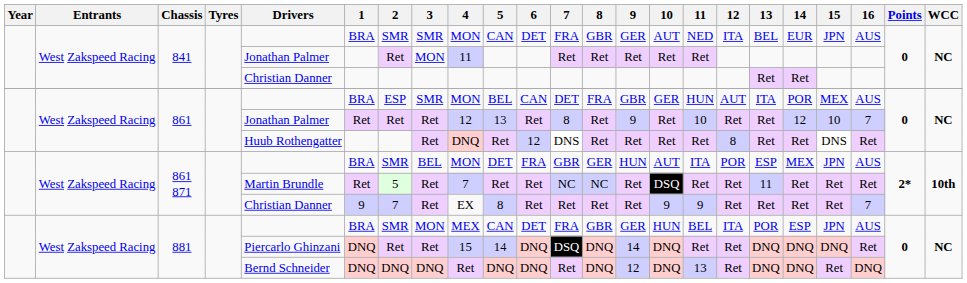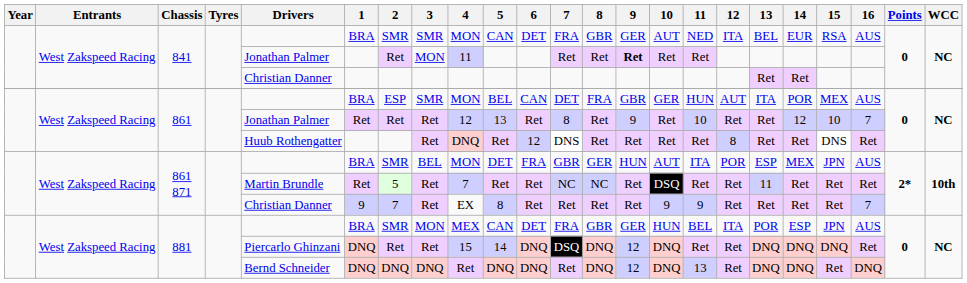 <table class="wikitable" style="text-align:center; font-size:95%">
 <tr>
 <th>Year</th>
 <th>Entrants</th>
 <th>Chassis</th>
 <th>Tyres</th>
 <th>Drivers</th>
 <th>1</th>
 <th>2</th>
 <th>3</th>
 <th>4</th>
 <th>5</th>
 <th>6</th>
 <th>7</th>
 <th>8</th>
 <th>9</th>
 <th>10</th>
 <th>11</th>
 <th>12</th>
 <th>13</th>
 <th>14</th>
 <th>15</th>
 <th>16</th>
 <th><a href='#'>Points</a></th>
 <th>WCC</th>
 </tr>
 <tr>
 <td rowspan="3"></td>
 <td rowspan="3"><a href='#'>West</a> <a href='#'>Zakspeed Racing</a></td>
 <td rowspan="3"><a href='#'>841</a></td>
 <td rowspan="3"></td>
 <td></td>
 <td><a href='#'>BRA</a></td>
 <td><a href='#'>SMR</a></td>
 <td><a href='#'>SMR</a></td>
 <td><a href='#'>MON</a></td>
 <td><a href='#'>CAN</a></td>
 <td><a href='#'>DET</a></td>
 <td><a href='#'>FRA</a></td>
 <td><a href='#'>GBR</a></td>
 <td><a href='#'>GER</a></td>
 <td><a href='#'>AUT</a></td>
 <td><a href='#'>NED</a></td>
 <td><a href='#'>ITA</a></td>
 <td><a href='#'>BEL</a></td>
 <td><a href='#'>EUR</a></td>
-<td><a href='#'>JPN</a></td>
+<td><a href='#'>RSA</a></td>
 <td><a href='#'>AUS</a></td>
 <td rowspan="3"><strong>0</strong></td>
 <td rowspan="3"><strong>NC</strong></td>
 </tr>
 <tr>
 <td align="left"> <a href='#'>Jonathan Palmer</a></td>
 <td></td>
 <td style="background:#EFCFFF;">Ret</td>
 <td><a href='#'>MON</a></td>
 <td style="background:#CFCFFF;">11</td>
 <td></td>
 <td></td>
 <td style="background:#EFCFFF;">Ret</td>
 <td style="background:#EFCFFF;">Ret</td>
-<td style="background:#EFCFFF;">Ret</td>
+<td style="background:#EFCFFF;"><strong>Ret</strong></td>
 <td style="background:#EFCFFF;">Ret</td>
 <td style="background:#EFCFFF;">Ret</td>
 <td></td>
 <td></td>
 <td></td>
 <td></td>
 <td></td>
 </tr>
 <tr>
 <td align="left"> <a href='#'>Christian Danner</a></td>
 <td></td>
 <td></td>
 <td></td>
 <td></td>
 <td></td>
 <td></td>
 <td></td>
 <td></td>
 <td></td>
 <td></td>
 <td></td>
 <td></td>
 <td style="background:#EFCFFF;">Ret</td>
 <td style="background:#EFCFFF;">Ret</td>
 <td></td>
 <td></td>
 </tr>
 <tr>
 </tr>
 <tr>
 <td rowspan="3"></td>
 <td rowspan="3"><a href='#'>West</a> <a href='#'>Zakspeed Racing</a></td>
 <td rowspan="3"><a href='#'>861</a></td>
 <td rowspan="3"></td>
 <td></td>
 <td><a href='#'>BRA</a></td>
 <td><a href='#'>ESP</a></td>
 <td><a href='#'>SMR</a></td>
 <td><a href='#'>MON</a></td>
 <td><a href='#'>BEL</a></td>
 <td><a href='#'>CAN</a></td>
 <td><a href='#'>DET</a></td>
 <td><a href='#'>FRA</a></td>
 <td><a href='#'>GBR</a></td>
 <td><a href='#'>GER</a></td>
 <td><a href='#'>HUN</a></td>
 <td><a href='#'>AUT</a></td>
 <td><a href='#'>ITA</a></td>
 <td><a href='#'>POR</a></td>
 <td><a href='#'>MEX</a></td>
 <td><a href='#'>AUS</a></td>
 <td rowspan="3"><strong>0</strong></td>
 <td rowspan="3"><strong>NC</strong></td>
 </tr>
 <tr>
 <td align="left"> <a href='#'>Jonathan Palmer</a></td>
 <td style="background:#efcfff;">Ret</td>
 <td style="background:#efcfff;">Ret</td>
 <td style="background:#efcfff;">Ret</td>
 <td style="background:#cfcfff;">12</td>
 <td style="background:#cfcfff;">13</td>
 <td style="background:#efcfff;">Ret</td>
 <td style="background:#cfcfff;">8</td>
 <td style="background:#efcfff;">Ret</td>
 <td style="background:#cfcfff;">9</td>
 <td style="background:#efcfff;">Ret</td>
 <td style="background:#cfcfff;">10</td>
 <td style="background:#efcfff;">Ret</td>
 <td style="background:#efcfff;">Ret</td>
 <td style="background:#cfcfff;">12</td>
 <td style="background:#cfcfff;">10</td>
 <td style="background:#CFCFFF;">7</td>
 </tr>
 <tr>
 <td align="left"> <a href='#'>Huub Rothengatter</a></td>
 <td></td>
 <td></td>
 <td style="background:#efcfff;">Ret</td>
 <td style="background:#ffcfcf;">DNQ</td>
 <td style="background:#efcfff;">Ret</td>
 <td style="background:#cfcfff;">12</td>
 <td style="background:#fff;">DNS</td>
 <td style="background:#efcfff;">Ret</td>
 <td style="background:#efcfff;">Ret</td>
 <td style="background:#efcfff;">Ret</td>
 <td style="background:#efcfff;">Ret</td>
 <td style="background:#cfcfff;">8</td>
 <td style="background:#efcfff;">Ret</td>
 <td style="background:#efcfff;">Ret</td>
 <td style="background:#fff;">DNS</td>
 <td style="background:#efcfff;">Ret</td>
 </tr>
 <tr>
 <td rowspan="3"></td>
 <td rowspan="3"><a href='#'>West</a> <a href='#'>Zakspeed Racing</a></td>
 <td rowspan="3"><a href='#'>861</a><br><a href='#'>871</a></td>
 <td rowspan="3"></td>
 <td></td>
 <td><a href='#'>BRA</a></td>
 <td><a href='#'>SMR</a></td>
 <td><a href='#'>BEL</a></td>
 <td><a href='#'>MON</a></td>
 <td><a href='#'>DET</a></td>
 <td><a href='#'>FRA</a></td>
 <td><a href='#'>GBR</a></td>
 <td><a href='#'>GER</a></td>
 <td><a href='#'>HUN</a></td>
 <td><a href='#'>AUT</a></td>
 <td><a href='#'>ITA</a></td>
 <td><a href='#'>POR</a></td>
 <td><a href='#'>ESP</a></td>
 <td><a href='#'>MEX</a></td>
 <td><a href='#'>JPN</a></td>
 <td><a href='#'>AUS</a></td>
 <td rowspan="3"><strong>2*</strong></td>
 <td rowspan="3"><strong>10th</strong></td>
 </tr>
 <tr>
 <td align="left"> <a href='#'>Martin Brundle</a></td>
 <td style="background:#EFCFFF;">Ret</td>
 <td style="background:#DFFFDF;">5</td>
 <td style="background:#EFCFFF;">Ret</td>
 <td style="background:#CFCFFF;">7</td>
 <td style="background:#EFCFFF;">Ret</td>
 <td style="background:#EFCFFF;">Ret</td>
 <td style="background:#CFCFFF;">NC</td>
 <td style="background:#CFCFFF;">NC</td>
 <td style="background:#EFCFFF;">Ret</td>
 <td style="background:#000000; color:white">DSQ</td>
 <td style="background:#EFCFFF;">Ret</td>
 <td style="background:#EFCFFF;">Ret</td>
 <td style="background:#CFCFFF;">11</td>
 <td style="background:#EFCFFF;">Ret</td>
 <td style="background:#EFCFFF;">Ret</td>
 <td style="background:#EFCFFF;">Ret</td>
 </tr>
 <tr>
 <td align="left"> <a href='#'>Christian Danner</a></td>
 <td style="background:#CFCFFF;">9</td>
 <td style="background:#CFCFFF;">7</td>
 <td style="background:#EFCFFF;">Ret</td>
 <td>EX</td>
 <td style="background:#CFCFFF;">8</td>
 <td style="background:#EFCFFF;">Ret</td>
 <td style="background:#EFCFFF;">Ret</td>
 <td style="background:#EFCFFF;">Ret</td>
 <td style="background:#EFCFFF;">Ret</td>
 <td style="background:#CFCFFF;">9</td>
 <td style="background:#CFCFFF;">9</td>
 <td style="background:#EFCFFF;">Ret</td>
 <td style="background:#EFCFFF;">Ret</td>
 <td style="background:#EFCFFF;">Ret</td>
 <td style="background:#EFCFFF;">Ret</td>
 <td style="background:#CFCFFF;">7</td>
 </tr>
 <tr>
 <td rowspan="3"></td>
 <td rowspan="3"><a href='#'>West</a> <a href='#'>Zakspeed Racing</a></td>
 <td rowspan="3"><a href='#'>881</a></td>
 <td rowspan="3"></td>
 <td></td>
 <td><a href='#'>BRA</a></td>
 <td><a href='#'>SMR</a></td>
 <td><a href='#'>MON</a></td>
 <td><a href='#'>MEX</a></td>
 <td><a href='#'>CAN</a></td>
 <td><a href='#'>DET</a></td>
 <td><a href='#'>FRA</a></td>
 <td><a href='#'>GBR</a></td>
 <td><a href='#'>GER</a></td>
 <td><a href='#'>HUN</a></td>
 <td><a href='#'>BEL</a></td>
 <td><a href='#'>ITA</a></td>
 <td><a href='#'>POR</a></td>
 <td><a href='#'>ESP</a></td>
 <td><a href='#'>JPN</a></td>
 <td><a href='#'>AUS</a></td>
 <td rowspan="3"><strong>0</strong></td>
 <td rowspan="3"><strong>NC</strong></td>
 </tr>
 <tr>
 <td align="left"> <a href='#'>Piercarlo Ghinzani</a></td>
 <td style="background:#ffcfcf;">DNQ</td>
 <td style="background:#efcfff;">Ret</td>
 <td style="background:#efcfff;">Ret</td>
 <td style="background:#cfcfff;">15</td>
 <td style="background:#cfcfff;">14</td>
 <td style="background:#ffcfcf;">DNQ</td>
 <td style="background:#000; color:white;">DSQ</td>
 <td style="background:#ffcfcf;">DNQ</td>
-<td style="background:#cfcfff;">14</td>
+<td style="background:#cfcfff;">12</td>
 <td style="background:#ffcfcf;">DNQ</td>
 <td style="background:#efcfff;">Ret</td>
 <td style="background:#efcfff;">Ret</td>
 <td style="background:#ffcfcf;">DNQ</td>
 <td style="background:#ffcfcf;">DNQ</td>
 <td style="background:#ffcfcf;">DNQ</td>
 <td style="background:#efcfff;">Ret</td>
 </tr>
 <tr>
 <td align="left"> <a href='#'>Bernd Schneider</a></td>
 <td style="background:#ffcfcf;">DNQ</td>
 <td style="background:#ffcfcf;">DNQ</td>
 <td style="background:#ffcfcf;">DNQ</td>
 <td style="background:#efcfff;">Ret</td>
 <td style="background:#ffcfcf;">DNQ</td>
 <td style="background:#ffcfcf;">DNQ</td>
 <td style="background:#efcfff;">Ret</td>
 <td style="background:#ffcfcf;">DNQ</td>
 <td style="background:#cfcfff;">12</td>
 <td style="background:#ffcfcf;">DNQ</td>
 <td style="background:#cfcfff;">13</td>
 <td style="background:#efcfff;">Ret</td>
 <td style="background:#ffcfcf;">DNQ</td>
 <td style="background:#ffcfcf;">DNQ</td>
 <td style="background:#efcfff;">Ret</td>
 <td style="background:#ffcfcf;">DNQ</td>
 </tr>
 </table>
